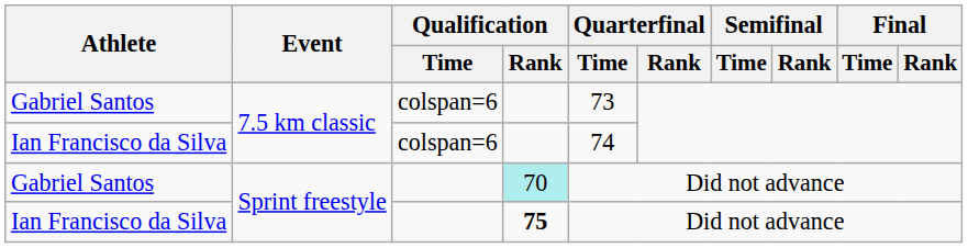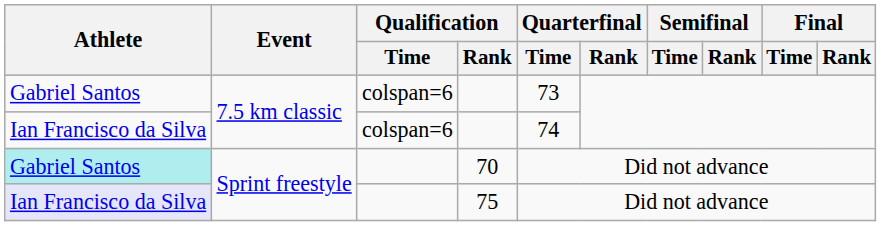 <table class="wikitable" style="font-size:90%">
 <tr>
 <th rowspan="2">Athlete</th>
 <th rowspan="2">Event</th>
 <th colspan="2">Qualification</th>
 <th colspan="2">Quarterfinal</th>
 <th colspan="2">Semifinal</th>
 <th colspan="2">Final</th>
 </tr>
 <tr style="font-size:95%">
 <th>Time</th>
 <th>Rank</th>
 <th>Time</th>
 <th>Rank</th>
 <th>Time</th>
 <th>Rank</th>
 <th>Time</th>
 <th>Rank</th>
 </tr>
 <tr align=center>
 <td align=left><a href='#'>Gabriel Santos</a></td>
 <td align=left rowspan=2><a href='#'>7.5 km classic</a></td>
 <td>colspan=6 </td>
 <td></td>
 <td>73</td>
 </tr>
 <tr align=center>
 <td align=left><a href='#'>Ian Francisco da Silva</a></td>
 <td>colspan=6 </td>
 <td></td>
 <td>74</td>
 </tr>
 <tr align=center>
-<td align=left><a href='#'>Gabriel Santos</a></td>
+<td align=left style="background: paleturquoise;"><a href='#'>Gabriel Santos</a></td>
 <td align=left rowspan=2><a href='#'>Sprint freestyle</a></td>
 <td></td>
-<td style="background: paleturquoise;">70</td>
+<td>70</td>
 <td colspan=6>Did not advance</td>
 </tr>
 <tr align=center>
-<td align=left><a href='#'>Ian Francisco da Silva</a></td>
+<td align=left style="background: lavender;"><a href='#'>Ian Francisco da Silva</a></td>
 <td></td>
-<td><strong>75</strong></td>
+<td>75</td>
 <td colspan=6>Did not advance</td>
 </tr>
 </table>
